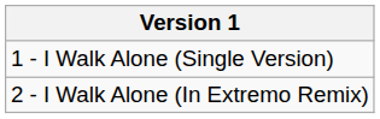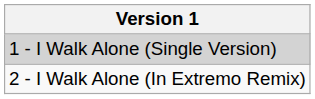 <table class="wikitable">
 <tr>
 <th>Version 1</th>
 </tr>
 <tr>
-<td>1 - I Walk Alone (Single Version)</td>
+<td style="background: lightgrey;">1 - I Walk Alone (Single Version)</td>
 </tr>
 <tr>
 <td>2 - I Walk Alone (In Extremo Remix)</td>
 </tr>
 </table>
